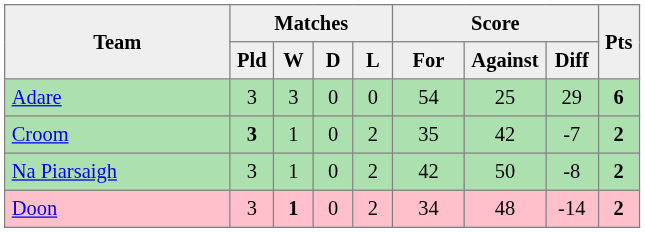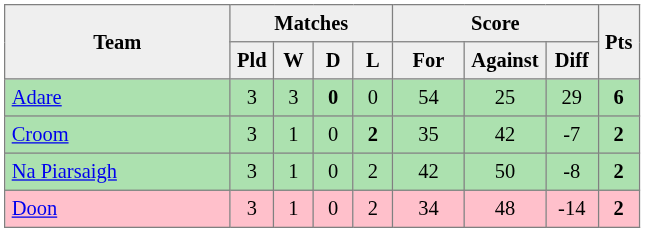 <table style=border-collapse:collapse border=1 cellspacing=0 cellpadding=5>
 <tr align=center bgcolor=#efefef>
 <th rowspan=2 width=165>Team</th>
 <th colspan=4>Matches</th>
 <th colspan=3>Score</th>
 <th rowspan=2width=20>Pts</th>
 </tr>
 <tr align=center bgcolor=#efefef>
 <th width=20>Pld</th>
 <th width=20>W</th>
 <th width=20>D</th>
 <th width=20>L</th>
 <th width=45>For</th>
 <th width=45>Against</th>
 <th width=30>Diff</th>
 </tr>
 <tr align=center style="background:#ACE1AF;">
 <td style="text-align:left;"><a href='#'>Adare</a></td>
 <td>3</td>
 <td>3</td>
-<td>0</td>
+<td><strong>0</strong></td>
 <td>0</td>
 <td>54</td>
 <td>25</td>
 <td>29</td>
 <td><strong>6</strong></td>
 </tr>
 <tr align=center style="background:#ACE1AF;">
 <td style="text-align:left;"><a href='#'>Croom</a></td>
-<td><strong>3</strong></td>
+<td>3</td>
 <td>1</td>
 <td>0</td>
-<td>2</td>
+<td><strong>2</strong></td>
 <td>35</td>
 <td>42</td>
 <td>-7</td>
 <td><strong>2</strong></td>
 </tr>
 <tr align=center style="background:#ACE1AF;">
 <td style="text-align:left;"><a href='#'>Na Piarsaigh</a></td>
 <td>3</td>
 <td>1</td>
 <td>0</td>
 <td>2</td>
 <td>42</td>
 <td>50</td>
 <td>-8</td>
 <td><strong>2</strong></td>
 </tr>
 <tr align=center style="background:#FFC0CB;">
 <td style="text-align:left;"><a href='#'>Doon</a></td>
 <td>3</td>
-<td><strong>1</strong></td>
+<td>1</td>
 <td>0</td>
 <td>2</td>
 <td>34</td>
 <td>48</td>
 <td>-14</td>
 <td><strong>2</strong></td>
 </tr>
 </table>
